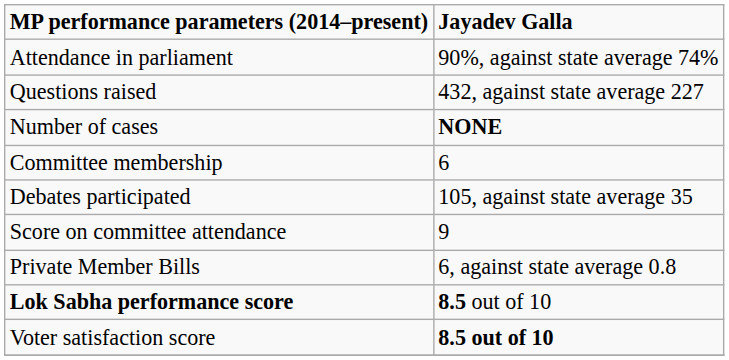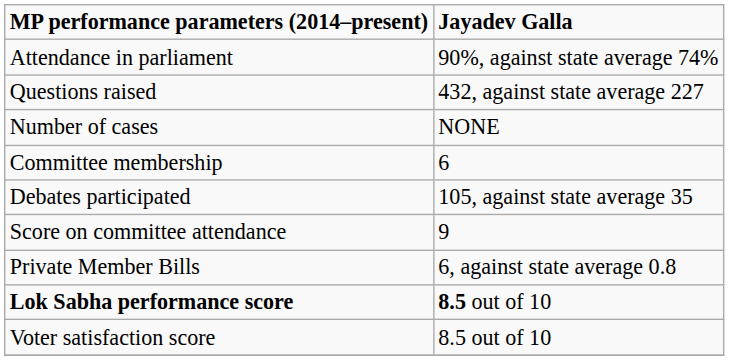 <table class="wikitable">
 <tr>
 <td><strong>MP performance  parameters (2014–present)</strong></td>
 <td><strong>Jayadev Galla</strong></td>
 </tr>
 <tr>
 <td>Attendance in parliament</td>
 <td>90%, against state average 74%</td>
 </tr>
 <tr>
 <td>Questions raised</td>
 <td>432, against state average 227</td>
 </tr>
 <tr>
 <td>Number of cases</td>
-<td><strong>NONE</strong></td>
+<td>NONE</td>
 </tr>
 <tr>
 <td>Committee  membership</td>
 <td>6</td>
 </tr>
 <tr>
 <td>Debates participated</td>
 <td>105, against state average 35</td>
 </tr>
 <tr>
 <td>Score on committee  attendance</td>
 <td>9</td>
 </tr>
 <tr>
 <td>Private Member Bills</td>
 <td>6, against state average 0.8</td>
 </tr>
 <tr>
 <td><strong>Lok Sabha  performance score</strong></td>
 <td><strong>8.5</strong> out of 10</td>
 </tr>
 <tr>
 <td>Voter satisfaction  score</td>
-<td><strong>8.5 out of 10</strong></td>
+<td>8.5 out of 10</td>
 </tr>
 <tr>
 </tr>
 </table>
